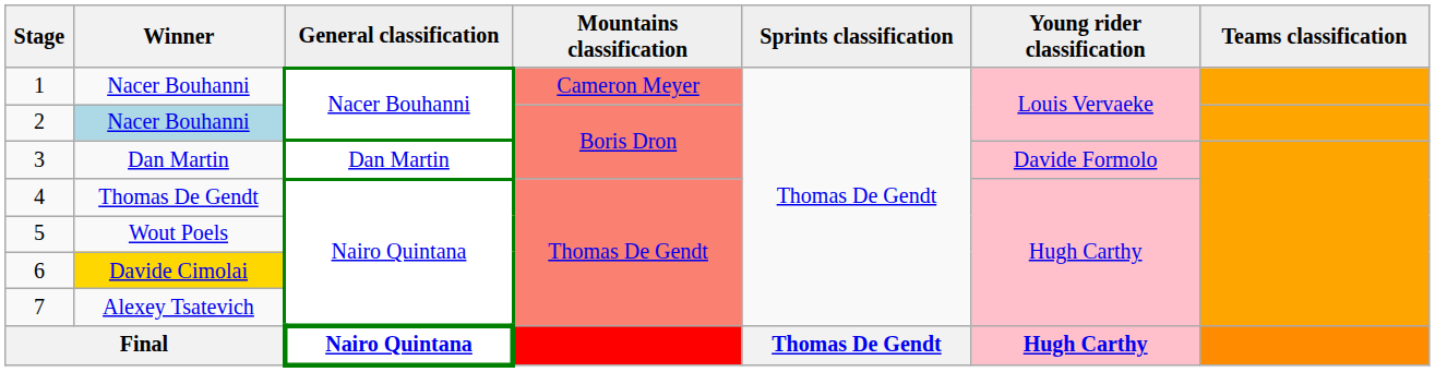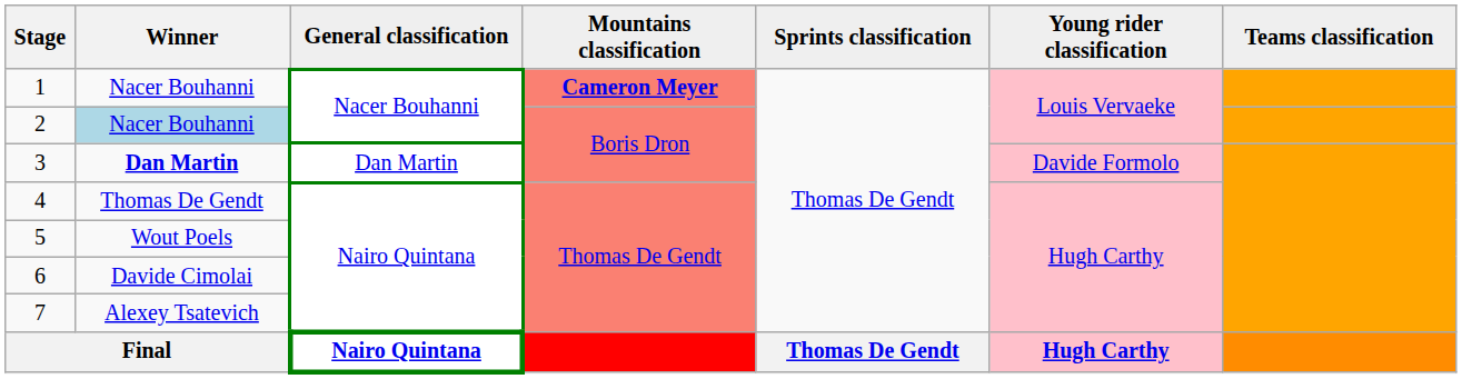 <table class="wikitable" style="text-align: center; font-size:smaller;">
 <tr>
 <th style="width:2%;">Stage</th>
 <th style="width:12%;">Winner</th>
 <th style="background:#efefef; width:13%;"><strong>General classification</strong><br></th>
 <th style="background:#efefef; width:13%;"><strong>Mountains classification</strong><br></th>
 <th style="background:#efefef; width:13%;"><strong>Sprints classification</strong><br></th>
 <th style="background:#efefef; width:13%;"><strong>Young rider classification</strong><br></th>
 <th style="background:#efefef; width:13%;"><strong>Teams classification</strong></th>
 </tr>
 <tr>
 <td>1</td>
 <td><a href='#'>Nacer Bouhanni</a></td>
 <td style="background:white; border:2px solid green;" rowspan=2><a href='#'>Nacer Bouhanni</a></td>
-<td style="background:salmon;"><a href='#'>Cameron Meyer</a></td>
+<td style="background:salmon;"><strong><a href='#'>Cameron Meyer</a></strong></td>
 <td style="background:off-white;" rowspan=7><a href='#'>Thomas De Gendt</a></td>
 <td style="background:pink;" rowspan=2><a href='#'>Louis Vervaeke</a></td>
 <td style="background:orange;"></td>
 </tr>
 <tr>
 <td>2</td>
 <td style="background: lightblue;"><a href='#'>Nacer Bouhanni</a></td>
 <td style="background:salmon;" rowspan=2><a href='#'>Boris Dron</a></td>
 <td style="background:orange;"></td>
 </tr>
 <tr>
 <td>3</td>
-<td><a href='#'>Dan Martin</a></td>
+<td><strong><a href='#'>Dan Martin</a></strong></td>
 <td style="background:white; border:2px solid green;"><a href='#'>Dan Martin</a></td>
 <td style="background:pink;"><a href='#'>Davide Formolo</a></td>
 <td style="background:orange;" rowspan=5></td>
 </tr>
 <tr>
 <td>4</td>
 <td><a href='#'>Thomas De Gendt</a></td>
 <td style="background:white; border:2px solid green;" rowspan=4><a href='#'>Nairo Quintana</a></td>
 <td style="background:salmon;" rowspan=4><a href='#'>Thomas De Gendt</a></td>
 <td style="background:pink;" rowspan=4><a href='#'>Hugh Carthy</a></td>
 </tr>
 <tr>
 <td>5</td>
 <td><a href='#'>Wout Poels</a></td>
 </tr>
 <tr>
 <td>6</td>
-<td style="background: gold;"><a href='#'>Davide Cimolai</a></td>
+<td><a href='#'>Davide Cimolai</a></td>
 </tr>
 <tr>
 <td>7</td>
 <td><a href='#'>Alexey Tsatevich</a></td>
 </tr>
 <tr>
 <th colspan=2><strong>Final</strong></th>
 <th style="background:#efefef; border:3px solid green; background: white;"><a href='#'>Nairo Quintana</a></th>
 <th style="background:red;"></th>
 <th style="background:offwhite;"><a href='#'>Thomas De Gendt</a></th>
 <th style="background:pink;"><a href='#'>Hugh Carthy</a></th>
 <th style="background:#FF8C00;"></th>
 </tr>
 </table>
